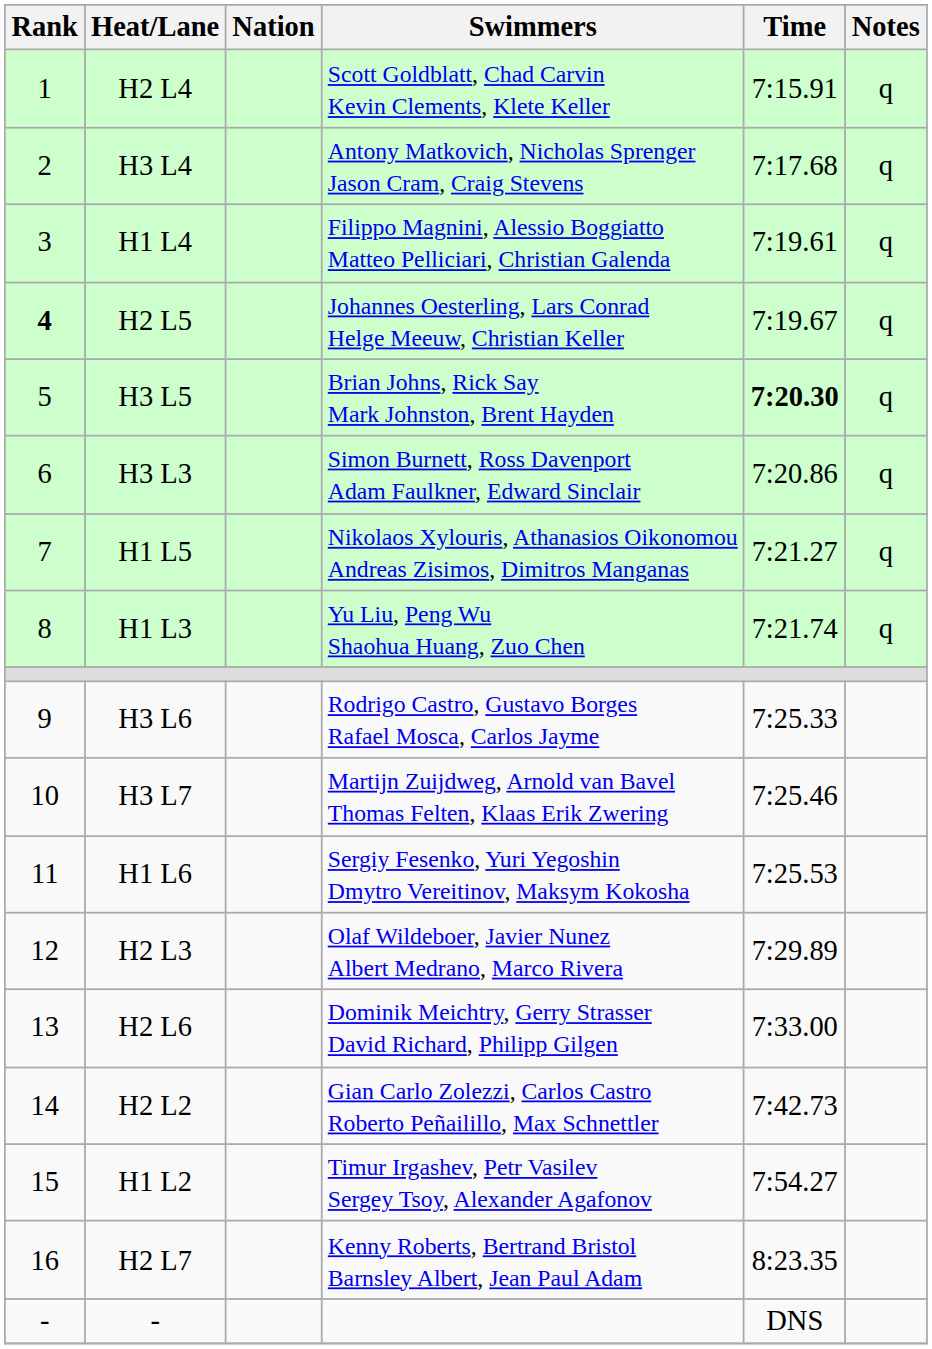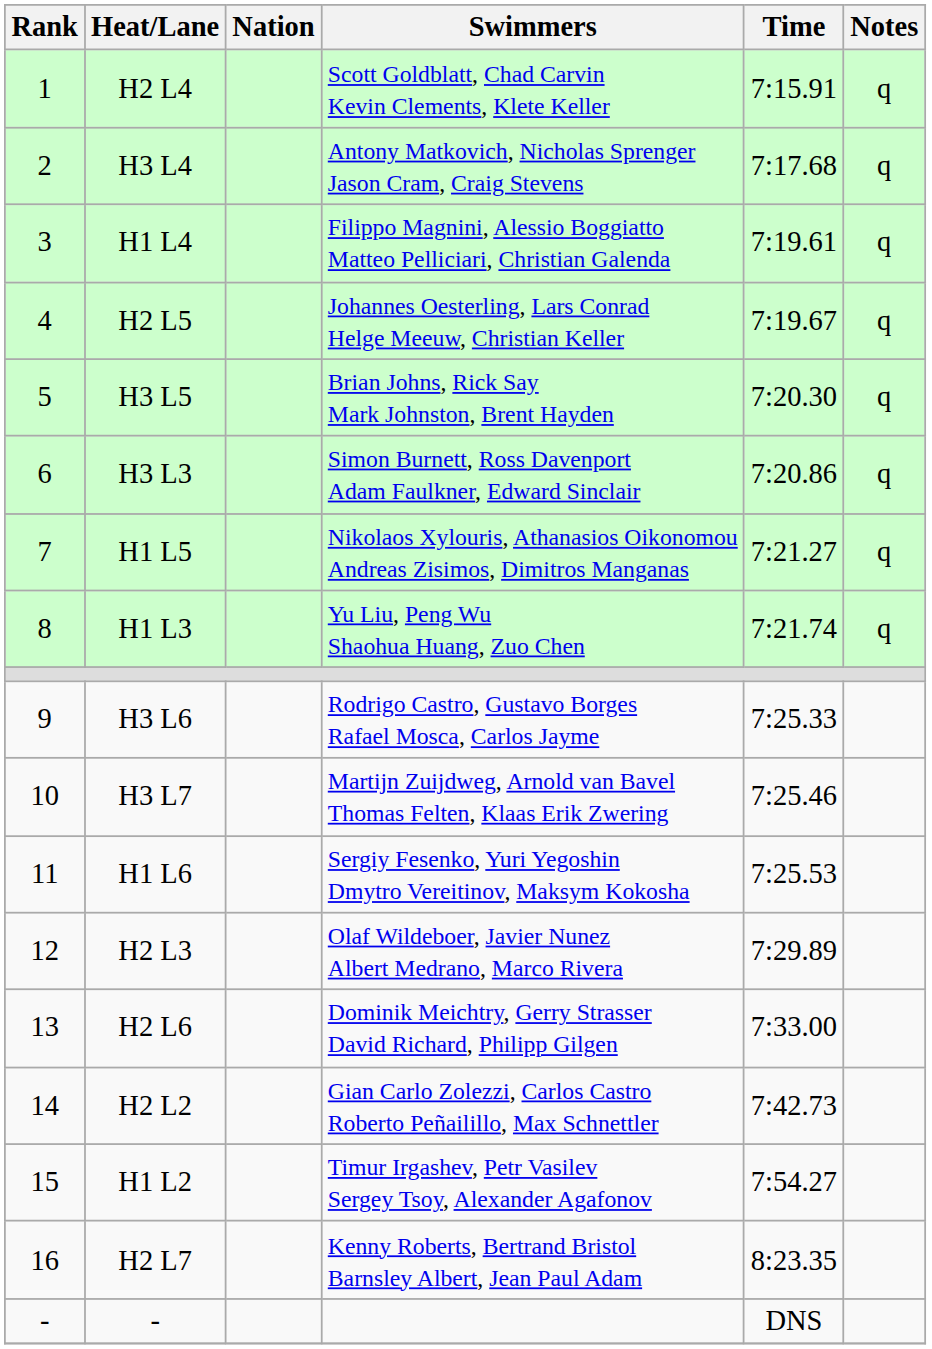 <table class="wikitable sortable" style="text-align:center">
 <tr>
 <th>Rank</th>
 <th>Heat/Lane</th>
 <th>Nation</th>
 <th>Swimmers</th>
 <th>Time</th>
 <th>Notes</th>
 </tr>
 <tr bgcolor=ccffcc>
 <td>1</td>
 <td>H2 L4</td>
 <td align=left></td>
 <td align=left><small> <a href='#'>Scott Goldblatt</a>, <a href='#'>Chad Carvin</a> <br> <a href='#'>Kevin Clements</a>, <a href='#'>Klete Keller</a> </small></td>
 <td>7:15.91</td>
 <td>q</td>
 </tr>
 <tr bgcolor=ccffcc>
 <td>2</td>
 <td>H3 L4</td>
 <td align=left></td>
 <td align=left><small> <a href='#'>Antony Matkovich</a>, <a href='#'>Nicholas Sprenger</a> <br> <a href='#'>Jason Cram</a>, <a href='#'>Craig Stevens</a> </small></td>
 <td>7:17.68</td>
 <td>q</td>
 </tr>
 <tr bgcolor=ccffcc>
 <td>3</td>
 <td>H1 L4</td>
 <td align=left></td>
 <td align=left><small> <a href='#'>Filippo Magnini</a>, <a href='#'>Alessio Boggiatto</a> <br> <a href='#'>Matteo Pelliciari</a>, <a href='#'>Christian Galenda</a> </small></td>
 <td>7:19.61</td>
 <td>q</td>
 </tr>
 <tr bgcolor=ccffcc>
-<td><strong>4</strong></td>
+<td>4</td>
 <td>H2 L5</td>
 <td align=left></td>
 <td align=left><small> <a href='#'>Johannes Oesterling</a>, <a href='#'>Lars Conrad</a> <br> <a href='#'>Helge Meeuw</a>, <a href='#'>Christian Keller</a> </small></td>
 <td>7:19.67</td>
 <td>q</td>
 </tr>
 <tr bgcolor=ccffcc>
 <td>5</td>
 <td>H3 L5</td>
 <td align=left></td>
 <td align=left><small> <a href='#'>Brian Johns</a>, <a href='#'>Rick Say</a> <br> <a href='#'>Mark Johnston</a>, <a href='#'>Brent Hayden</a> </small></td>
-<td><strong>7:20.30</strong></td>
+<td>7:20.30</td>
 <td>q</td>
 </tr>
 <tr bgcolor=ccffcc>
 <td>6</td>
 <td>H3 L3</td>
 <td align=left></td>
 <td align=left><small> <a href='#'>Simon Burnett</a>, <a href='#'>Ross Davenport</a> <br> <a href='#'>Adam Faulkner</a>, <a href='#'>Edward Sinclair</a> </small></td>
 <td>7:20.86</td>
 <td>q</td>
 </tr>
 <tr bgcolor=ccffcc>
 <td>7</td>
 <td>H1 L5</td>
 <td align=left></td>
 <td align=left><small> <a href='#'>Nikolaos Xylouris</a>, <a href='#'>Athanasios Oikonomou</a> <br> <a href='#'>Andreas Zisimos</a>, <a href='#'>Dimitros Manganas</a> </small></td>
 <td>7:21.27</td>
 <td>q</td>
 </tr>
 <tr bgcolor=ccffcc>
 <td>8</td>
 <td>H1 L3</td>
 <td align=left></td>
 <td align=left><small> <a href='#'>Yu Liu</a>, <a href='#'>Peng Wu</a> <br> <a href='#'>Shaohua Huang</a>, <a href='#'>Zuo Chen</a> </small></td>
 <td>7:21.74</td>
 <td>q</td>
 </tr>
 <tr bgcolor=#DDDDDD>
 <td colspan=6></td>
 </tr>
 <tr>
 <td>9</td>
 <td>H3 L6</td>
 <td align=left></td>
 <td align=left><small> <a href='#'>Rodrigo Castro</a>, <a href='#'>Gustavo Borges</a> <br> <a href='#'>Rafael Mosca</a>, <a href='#'>Carlos Jayme</a> </small></td>
 <td>7:25.33</td>
 <td></td>
 </tr>
 <tr>
 <td>10</td>
 <td>H3 L7</td>
 <td align=left></td>
 <td align=left><small> <a href='#'>Martijn Zuijdweg</a>, <a href='#'>Arnold van Bavel</a> <br> <a href='#'>Thomas Felten</a>, <a href='#'>Klaas Erik Zwering</a> </small></td>
 <td>7:25.46</td>
 <td></td>
 </tr>
 <tr>
 <td>11</td>
 <td>H1 L6</td>
 <td align=left></td>
 <td align=left><small> <a href='#'>Sergiy Fesenko</a>, <a href='#'>Yuri Yegoshin</a> <br> <a href='#'>Dmytro Vereitinov</a>, <a href='#'>Maksym Kokosha</a> </small></td>
 <td>7:25.53</td>
 <td></td>
 </tr>
 <tr>
 <td>12</td>
 <td>H2 L3</td>
 <td align=left></td>
 <td align=left><small> <a href='#'>Olaf Wildeboer</a>, <a href='#'>Javier Nunez</a> <br> <a href='#'>Albert Medrano</a>, <a href='#'>Marco Rivera</a> </small></td>
 <td>7:29.89</td>
 <td></td>
 </tr>
 <tr>
 <td>13</td>
 <td>H2 L6</td>
 <td align=left></td>
 <td align=left><small> <a href='#'>Dominik Meichtry</a>, <a href='#'>Gerry Strasser</a> <br> <a href='#'>David Richard</a>, <a href='#'>Philipp Gilgen</a> </small></td>
 <td>7:33.00</td>
 <td></td>
 </tr>
 <tr>
 <td>14</td>
 <td>H2 L2</td>
 <td align=left></td>
 <td align=left><small> <a href='#'>Gian Carlo Zolezzi</a>, <a href='#'>Carlos Castro</a> <br> <a href='#'>Roberto Peñailillo</a>, <a href='#'>Max Schnettler</a> </small></td>
 <td>7:42.73</td>
 <td></td>
 </tr>
 <tr>
 <td>15</td>
 <td>H1 L2</td>
 <td align=left></td>
 <td align=left><small> <a href='#'>Timur Irgashev</a>, <a href='#'>Petr Vasilev</a> <br> <a href='#'>Sergey Tsoy</a>, <a href='#'>Alexander Agafonov</a> </small></td>
 <td>7:54.27</td>
 <td></td>
 </tr>
 <tr>
 <td>16</td>
 <td>H2 L7</td>
 <td align=left></td>
 <td align=left><small> <a href='#'>Kenny Roberts</a>, <a href='#'>Bertrand Bristol</a> <br> <a href='#'>Barnsley Albert</a>, <a href='#'>Jean Paul Adam</a> </small></td>
 <td>8:23.35</td>
 <td></td>
 </tr>
 <tr>
 <td>-</td>
 <td>-</td>
 <td align=left></td>
 <td align=left></td>
 <td>DNS</td>
 <td></td>
 </tr>
 <tr>
 </tr>
 </table>
